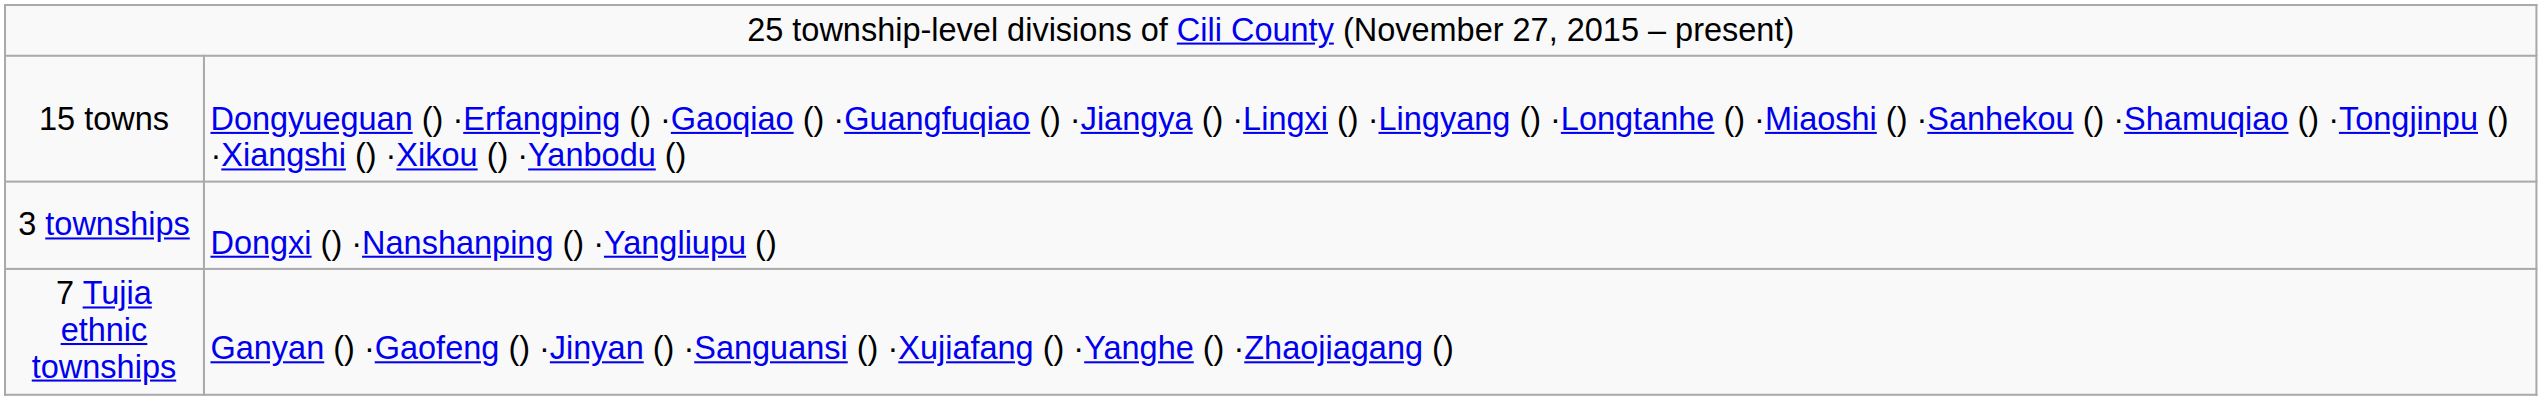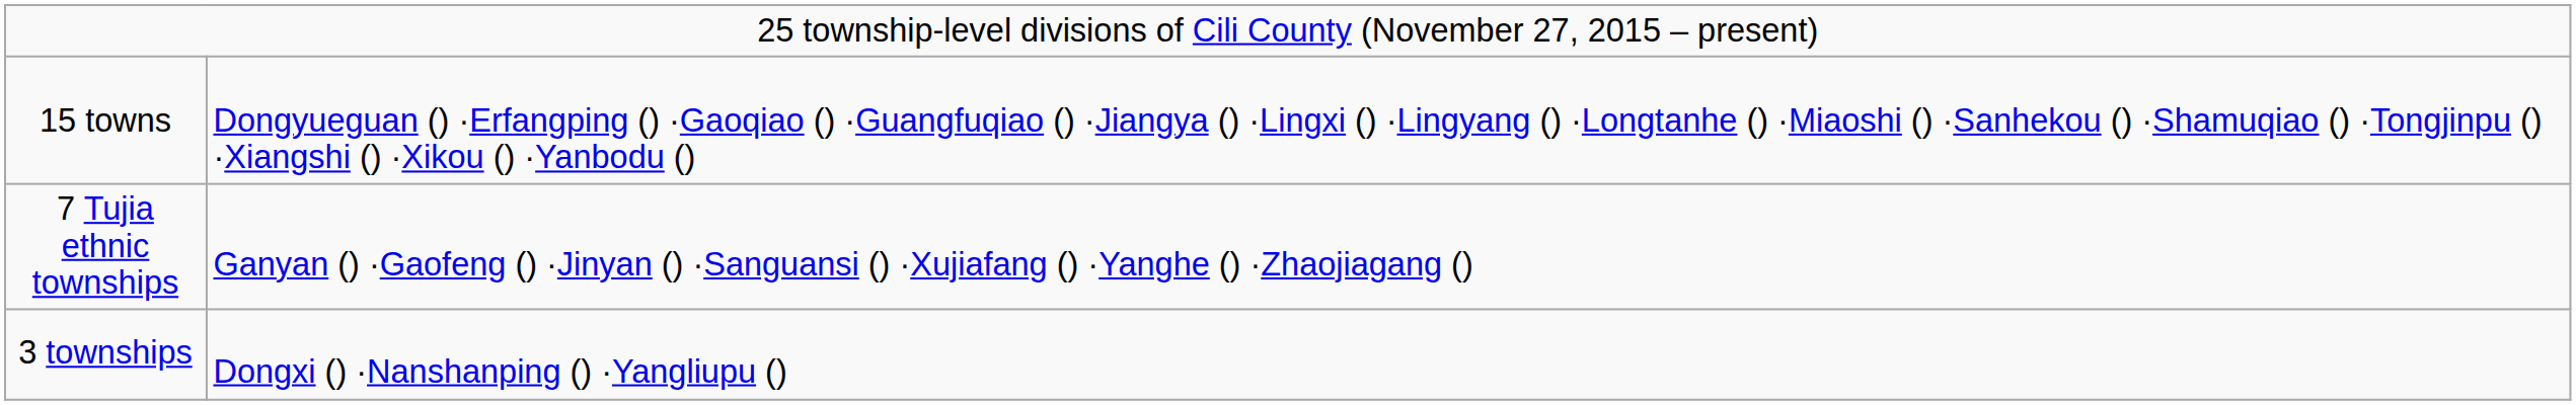 <table class="wikitable">
 <tr>
 <td style="text-align:center;" colspan="2">25 township-level divisions of <a href='#'>Cili County</a> (November 27, 2015 – present)</td>
 </tr>
 <tr align=left>
 <td align=center>15 towns</td>
 <td><br><a href='#'>Dongyueguan</a> () ·<a href='#'>Erfangping</a> () ·<a href='#'>Gaoqiao</a> () ·<a href='#'>Guangfuqiao</a> () ·<a href='#'>Jiangya</a> () ·<a href='#'>Lingxi</a> () ·<a href='#'>Lingyang</a> () ·<a href='#'>Longtanhe</a> () ·<a href='#'>Miaoshi</a> () ·<a href='#'>Sanhekou</a> () ·<a href='#'>Shamuqiao</a> () ·<a href='#'>Tongjinpu</a> () ·<a href='#'>Xiangshi</a> () ·<a href='#'>Xikou</a> () ·<a href='#'>Yanbodu</a> ()</td>
 </tr>
 <tr align=left>
+<td align=center>7 <a href='#'>Tujia</a> <a href='#'>ethnic<br>townships</a></td>
+<td><br><a href='#'>Ganyan</a> () ·<a href='#'>Gaofeng</a> () ·<a href='#'>Jinyan</a> () ·<a href='#'>Sanguansi</a> () ·<a href='#'>Xujiafang</a> () ·<a href='#'>Yanghe</a> () ·<a href='#'>Zhaojiagang</a> ()</td>
+</tr>
+<tr align=left>
 <td align=center>3 <a href='#'>townships</a></td>
 <td><br><a href='#'>Dongxi</a> () ·<a href='#'>Nanshanping</a> () ·<a href='#'>Yangliupu</a> ()</td>
 </tr>
-<tr align=left>
-<td align=center>7 <a href='#'>Tujia</a> <a href='#'>ethnic<br>townships</a></td>
-<td><br><a href='#'>Ganyan</a> () ·<a href='#'>Gaofeng</a> () ·<a href='#'>Jinyan</a> () ·<a href='#'>Sanguansi</a> () ·<a href='#'>Xujiafang</a> () ·<a href='#'>Yanghe</a> () ·<a href='#'>Zhaojiagang</a> ()</td>
-</tr>
 </table>
